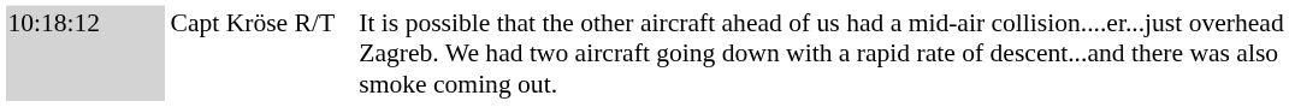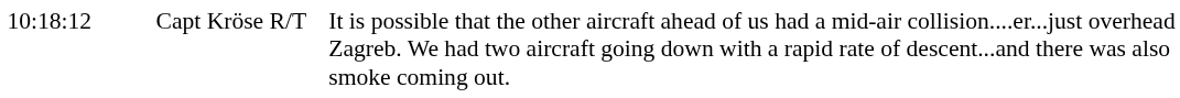 <table style="margin:auto; border:none; font-size:95%;" cellpadding="1">
 <tr>
 <th style="width:6.0em;"></th>
 <th style="width:7.0em;"></th>
 <th style="width:37.0em;"></th>
 </tr>
 <tr style="vertical-align:top;">
-<td style="background: lightgrey;">10:18:12</td>
+<td>10:18:12</td>
 <td>Capt Kröse R/T</td>
 <td>It is possible that the other aircraft ahead of us had a mid-air collision....er...just overhead Zagreb. We had two aircraft going down with a rapid rate of descent...and there was also smoke coming out.</td>
 </tr>
 </table>
